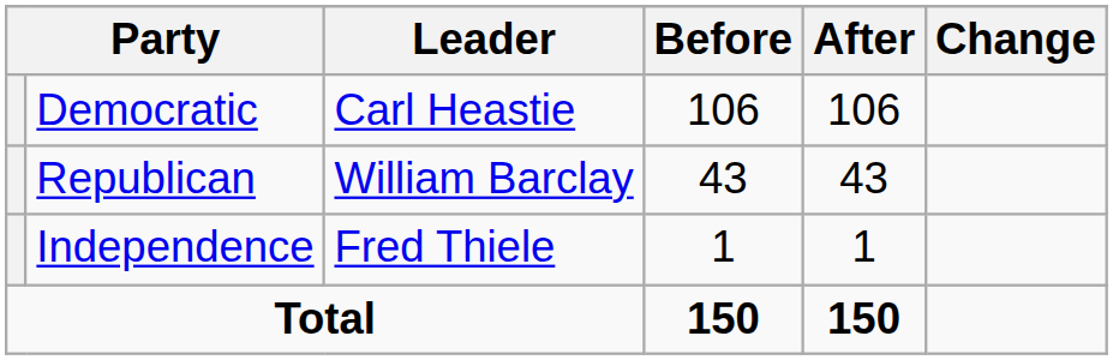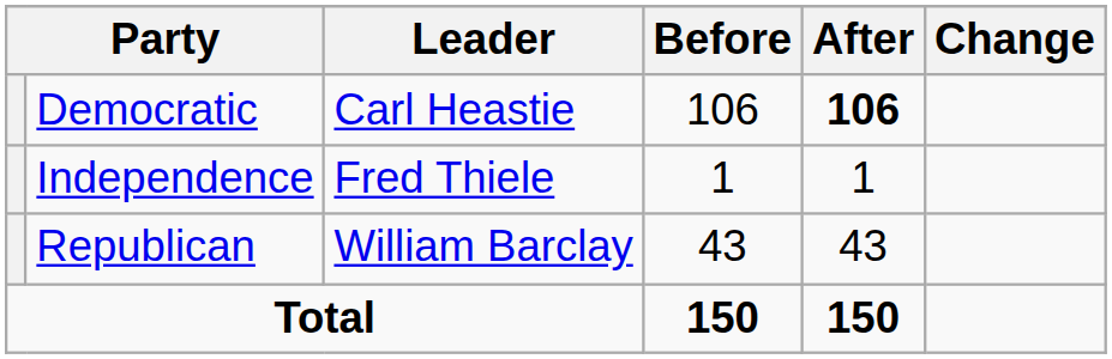 <table class="wikitable" style="text-align:center;">
 <tr>
 </tr>
 <tr>
 <th colspan=2>Party</th>
 <th>Leader</th>
 <th>Before</th>
 <th>After</th>
 <th>Change</th>
 </tr>
 <tr>
 <th style="background-color:"></th>
 <td style="text-align:left;"><a href='#'>Democratic</a></td>
 <td style="text-align:left;"><a href='#'>Carl Heastie</a></td>
 <td>106</td>
-<td>106</td>
+<td><strong>106</strong></td>
+<td></td>
+</tr>
+<tr>
+<th style="background-color:"></th>
+<td style="text-align:left;"><a href='#'>Independence</a></td>
+<td style="text-align:left;"><a href='#'>Fred Thiele</a></td>
+<td>1</td>
+<td>1</td>
 <td></td>
 </tr>
 <tr>
 <th style="background-color:"></th>
 <td style="text-align:left;"><a href='#'>Republican</a></td>
 <td style="text-align:left;"><a href='#'>William Barclay</a></td>
 <td>43</td>
 <td>43</td>
 <td></td>
 </tr>
 <tr>
-<th style="background-color:"></th>
-<td style="text-align:left;"><a href='#'>Independence</a></td>
-<td style="text-align:left;"><a href='#'>Fred Thiele</a></td>
-<td>1</td>
-<td>1</td>
-<td></td>
-</tr>
-<tr>
 <td colspan=3><strong>Total</strong></td>
 <td><strong>150</strong></td>
 <td><strong>150</strong></td>
 <td></td>
 </tr>
 </table>
